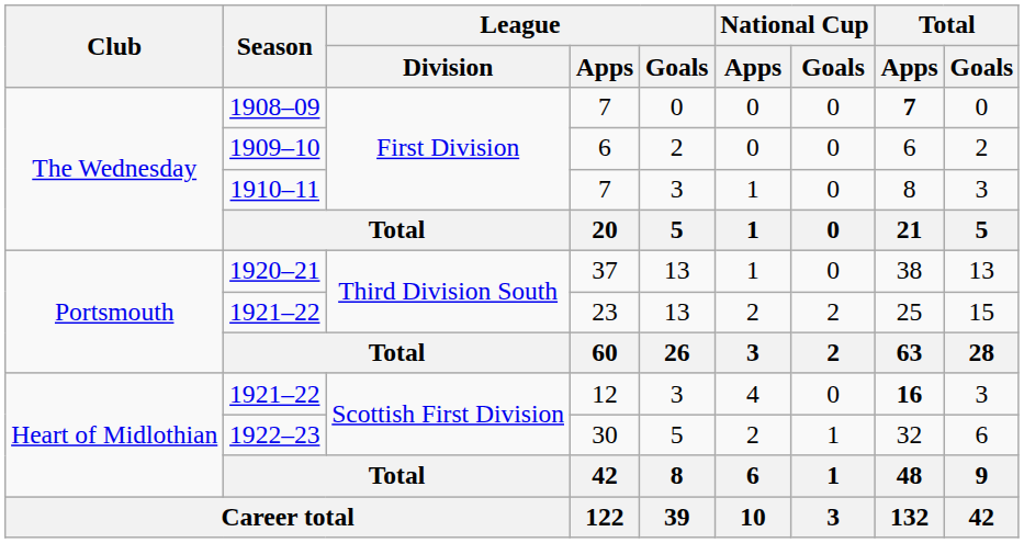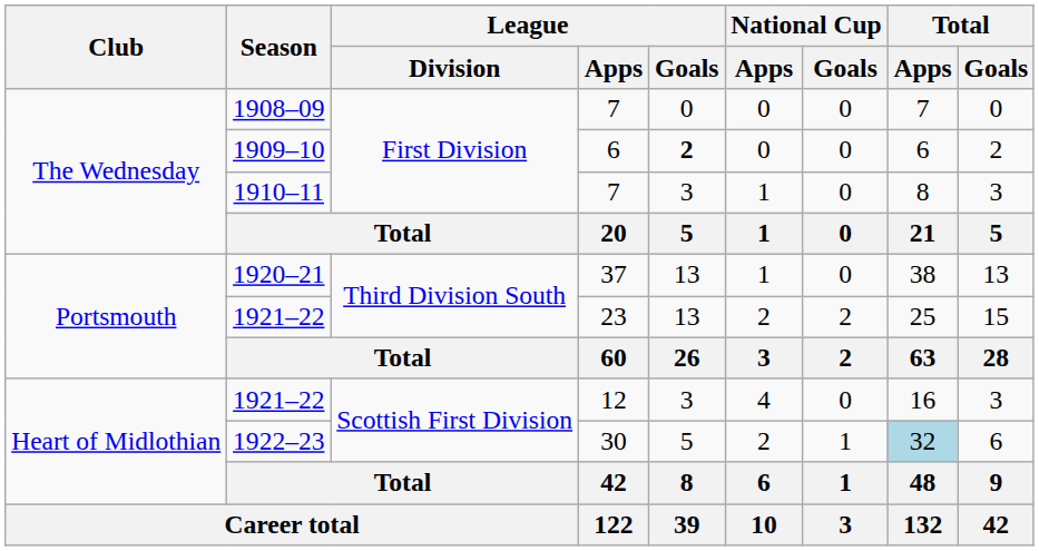 <table class="wikitable" style="text-align: center;">
 <tr>
 <th rowspan="2">Club</th>
 <th rowspan="2">Season</th>
 <th colspan="3">League</th>
 <th colspan="2">National Cup</th>
 <th colspan="2">Total</th>
 </tr>
 <tr>
 <th>Division</th>
 <th>Apps</th>
 <th>Goals</th>
 <th>Apps</th>
 <th>Goals</th>
 <th>Apps</th>
 <th>Goals</th>
 </tr>
 <tr>
 <td rowspan="4"><a href='#'>The Wednesday</a></td>
 <td><a href='#'>1908–09</a></td>
 <td rowspan="3"><a href='#'>First Division</a></td>
 <td>7</td>
 <td>0</td>
 <td>0</td>
 <td>0</td>
-<td><strong>7</strong></td>
+<td>7</td>
 <td>0</td>
 </tr>
 <tr>
 <td><a href='#'>1909–10</a></td>
 <td>6</td>
-<td>2</td>
+<td><strong>2</strong></td>
 <td>0</td>
 <td>0</td>
 <td>6</td>
 <td>2</td>
 </tr>
 <tr>
 <td><a href='#'>1910–11</a></td>
 <td>7</td>
 <td>3</td>
 <td>1</td>
 <td>0</td>
 <td>8</td>
 <td>3</td>
 </tr>
 <tr>
 <th colspan="2">Total</th>
 <th>20</th>
 <th>5</th>
 <th>1</th>
 <th>0</th>
 <th>21</th>
 <th>5</th>
 </tr>
 <tr>
 <td rowspan="3"><a href='#'>Portsmouth</a></td>
 <td><a href='#'>1920–21</a></td>
 <td rowspan="2"><a href='#'>Third Division South</a></td>
 <td>37</td>
 <td>13</td>
 <td>1</td>
 <td>0</td>
 <td>38</td>
 <td>13</td>
 </tr>
 <tr>
 <td><a href='#'>1921–22</a></td>
 <td>23</td>
 <td>13</td>
 <td>2</td>
 <td>2</td>
 <td>25</td>
 <td>15</td>
 </tr>
 <tr>
 <th colspan="2">Total</th>
 <th>60</th>
 <th>26</th>
 <th>3</th>
 <th>2</th>
 <th>63</th>
 <th>28</th>
 </tr>
 <tr>
 <td rowspan="3"><a href='#'>Heart of Midlothian</a></td>
 <td><a href='#'>1921–22</a></td>
 <td rowspan="2"><a href='#'>Scottish First Division</a></td>
 <td>12</td>
 <td>3</td>
 <td>4</td>
 <td>0</td>
-<td><strong>16</strong></td>
+<td>16</td>
 <td>3</td>
 </tr>
 <tr>
 <td><a href='#'>1922–23</a></td>
 <td>30</td>
 <td>5</td>
 <td>2</td>
 <td>1</td>
-<td>32</td>
+<td style="background: lightblue;">32</td>
 <td>6</td>
 </tr>
 <tr>
 <th colspan="2">Total</th>
 <th>42</th>
 <th>8</th>
 <th>6</th>
 <th>1</th>
 <th>48</th>
 <th>9</th>
 </tr>
 <tr>
 <th colspan="3">Career total</th>
 <th>122</th>
 <th>39</th>
 <th>10</th>
 <th>3</th>
 <th>132</th>
 <th>42</th>
 </tr>
 </table>
